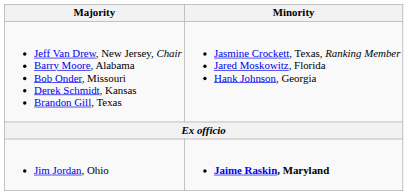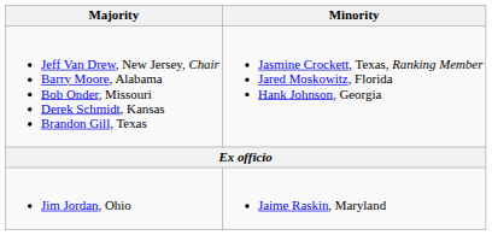 <table class=wikitable>
 <tr>
 <th>Majority</th>
 <th>Minority</th>
 </tr>
 <tr valign=top>
 <td><br><ul><li><a href='#'>Jeff Van Drew</a>, New Jersey, <em>Chair</em></li><li><a href='#'>Barry Moore</a>, Alabama</li><li><a href='#'>Bob Onder</a>, Missouri</li><li><a href='#'>Derek Schmidt</a>, Kansas</li><li><a href='#'>Brandon Gill</a>, Texas</li></ul></td>
 <td><br><ul><li><a href='#'>Jasmine Crockett</a>, Texas, <em>Ranking Member</em></li><li><a href='#'>Jared Moskowitz</a>, Florida</li><li><a href='#'>Hank Johnson</a>, Georgia</li></ul></td>
 </tr>
 <tr>
 <th colspan=2><em>Ex officio</em></th>
 </tr>
 <tr>
 <td><br><ul><li><a href='#'>Jim Jordan</a>, Ohio</li></ul></td>
-<td><strong><br><ul><li><a href='#'>Jaime Raskin</a>, Maryland</li></ul></strong></td>
+<td><br><ul><li><a href='#'>Jaime Raskin</a>, Maryland</li></ul></td>
 </tr>
 </table>
